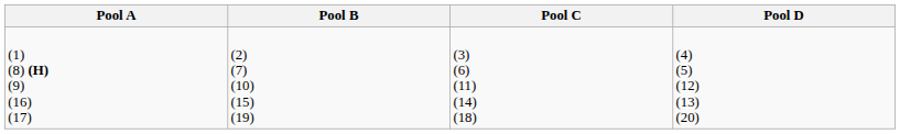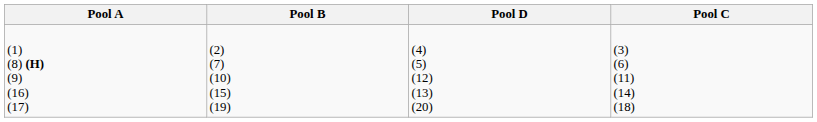 <table class="wikitable" width=80%>
 <tr>
 <th width=25%><strong>Pool A</strong></th>
 <th width=25%><strong>Pool B</strong></th>
+<th width=25%><strong>Pool D</strong></th>
 <th width=25%><strong>Pool C</strong></th>
-<th width=25%><strong>Pool D</strong></th>
 </tr>
 <tr>
 <td><br> (1) <br>  (8) <strong>(H)</strong> <br>  (9) <br>  (16) <br>  (17) <br></td>
 <td><br> (2) <br>  (7)<br>   (10)<br>   (15) <br>  (19) <br></td>
+<td><br> (4) <br>  (5) <br>  (12) <br>  (13) <br>  (20) <br></td>
 <td><br> (3) <br>   (6) <br>   (11) <br>   (14) <br>  (18) <br></td>
-<td><br> (4) <br>  (5) <br>  (12) <br>  (13) <br>  (20) <br></td>
 </tr>
 </table>
